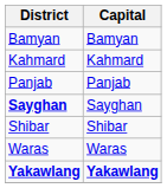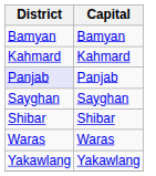 <table class="wikitable sortable">
 <tr>
 <th>District</th>
 <th>Capital</th>
 </tr>
 <tr>
 <td><a href='#'>Bamyan</a></td>
 <td><a href='#'>Bamyan</a></td>
 </tr>
 <tr>
 <td><a href='#'>Kahmard</a></td>
 <td><a href='#'>Kahmard</a></td>
 </tr>
 <tr>
-<td><a href='#'>Panjab</a></td>
+<td style="background: lavender;"><a href='#'>Panjab</a></td>
 <td><a href='#'>Panjab</a></td>
 </tr>
 <tr>
-<td><strong><a href='#'>Sayghan</a></strong></td>
+<td><a href='#'>Sayghan</a></td>
 <td><a href='#'>Sayghan</a></td>
 </tr>
 <tr>
 <td><a href='#'>Shibar</a></td>
 <td><a href='#'>Shibar</a></td>
 </tr>
 <tr>
 <td><a href='#'>Waras</a></td>
 <td><a href='#'>Waras</a></td>
 </tr>
 <tr>
-<td><strong><a href='#'>Yakawlang</a></strong></td>
-<td><strong><a href='#'>Yakawlang</a></strong></td>
+<td><a href='#'>Yakawlang</a></td>
+<td><a href='#'>Yakawlang</a></td>
 </tr>
 <tr>
 </tr>
 </table>
